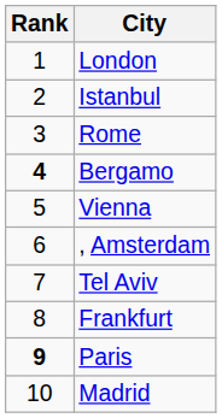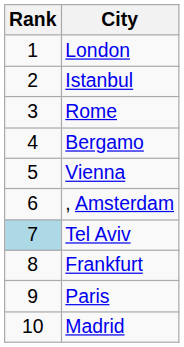 <table class="wikitable sortable" >
 <tr>
 <th>Rank</th>
 <th>City</th>
 </tr>
 <tr>
 <td align=center>1</td>
 <td align=left> <a href='#'>London</a></td>
 </tr>
 <tr>
 <td align=center>2</td>
 <td align=left> <a href='#'>Istanbul</a></td>
 </tr>
 <tr>
 <td align=center>3</td>
 <td align=left> <a href='#'>Rome</a></td>
 </tr>
 <tr>
-<td align=center><strong>4</strong></td>
+<td align=center>4</td>
 <td align=left> <a href='#'>Bergamo</a></td>
 </tr>
 <tr>
 <td align=center>5</td>
 <td align=left> <a href='#'>Vienna</a></td>
 </tr>
 <tr>
 <td align=center>6</td>
 <td align=left>, <a href='#'>Amsterdam</a></td>
 </tr>
 <tr>
-<td align=center>7</td>
+<td align=center style="background: lightblue;">7</td>
 <td align=left> <a href='#'>Tel Aviv</a></td>
 </tr>
 <tr>
 <td align=center>8</td>
 <td align=left> <a href='#'>Frankfurt</a></td>
 </tr>
 <tr>
-<td align=center><strong>9</strong></td>
+<td align=center>9</td>
 <td align=left> <a href='#'>Paris</a></td>
 </tr>
 <tr>
 <td align=center>10</td>
 <td align=left> <a href='#'>Madrid</a></td>
 </tr>
 </table>
